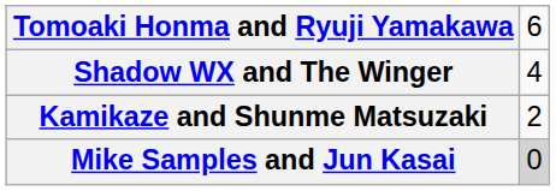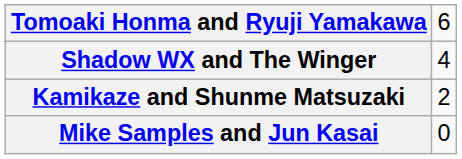 <table class="wikitable" style="margin: 1em auto 1em auto;text-align:center">
 <tr>
 <th><a href='#'>Tomoaki Honma</a> and <a href='#'>Ryuji Yamakawa</a></th>
 <td>6</td>
 </tr>
 <tr>
 <th><a href='#'>Shadow WX</a> and The Winger</th>
 <td>4</td>
 </tr>
 <tr>
 <th><a href='#'>Kamikaze</a> and Shunme Matsuzaki</th>
 <td>2</td>
 </tr>
 <tr>
 <th><a href='#'>Mike Samples</a> and <a href='#'>Jun Kasai</a></th>
-<td style="background: lightgrey;">0</td>
+<td>0</td>
 </tr>
 </table>
